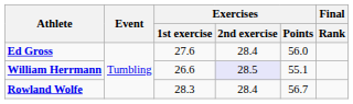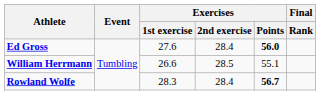 <table class="wikitable" style="font-size:90%">
 <tr>
 <th rowspan=2>Athlete</th>
 <th rowspan=2>Event</th>
 <th colspan=3>Exercises</th>
 <th colspan=2>Final</th>
 </tr>
 <tr>
 <th>1st exercise</th>
 <th>2nd exercise</th>
 <th>Points</th>
 <th>Rank</th>
 </tr>
 <tr align=center>
 <td align=left><strong><a href='#'>Ed Gross</a></strong></td>
 <td align=left rowspan=3><a href='#'>Tumbling</a></td>
 <td>27.6</td>
 <td>28.4</td>
-<td>56.0</td>
+<td><strong>56.0</strong></td>
 <td></td>
 </tr>
 <tr align=center>
 <td align=left><strong><a href='#'>William Herrmann</a></strong></td>
 <td>26.6</td>
-<td style="background: lavender;">28.5</td>
+<td>28.5</td>
 <td>55.1</td>
 <td></td>
 </tr>
 <tr align=center>
 <td align=left><strong><a href='#'>Rowland Wolfe</a></strong></td>
 <td>28.3</td>
 <td>28.4</td>
-<td>56.7</td>
+<td><strong>56.7</strong></td>
 <td></td>
 </tr>
 </table>
